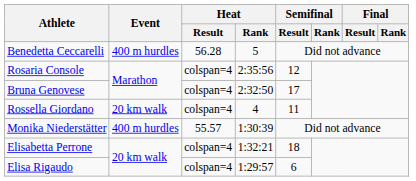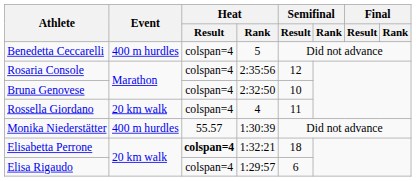 <table class=wikitable style="font-size:90%">
 <tr>
 <th rowspan="2">Athlete</th>
 <th rowspan="2">Event</th>
 <th colspan="2">Heat</th>
 <th colspan="2">Semifinal</th>
 <th colspan="2">Final</th>
 </tr>
 <tr style="font-size:95%">
 <th>Result</th>
 <th>Rank</th>
 <th>Result</th>
 <th>Rank</th>
 <th>Result</th>
 <th>Rank</th>
 </tr>
 <tr align=center>
 <td align=left><a href='#'>Benedetta Ceccarelli</a></td>
 <td align=left><a href='#'>400 m hurdles</a></td>
-<td>56.28</td>
+<td>colspan=4 </td>
 <td>5</td>
 <td colspan=4>Did not advance</td>
 </tr>
 <tr align=center>
 <td align=left><a href='#'>Rosaria Console</a></td>
 <td align=left rowspan=2><a href='#'>Marathon</a></td>
 <td>colspan=4 </td>
 <td>2:35:56</td>
 <td>12</td>
 </tr>
 <tr align=center>
 <td align=left><a href='#'>Bruna Genovese</a></td>
 <td>colspan=4 </td>
 <td>2:32:50</td>
-<td>17</td>
+<td>10</td>
 </tr>
 <tr align=center>
 <td align=left><a href='#'>Rossella Giordano</a></td>
 <td align=left><a href='#'>20 km walk</a></td>
 <td>colspan=4 </td>
 <td>4</td>
 <td>11</td>
 </tr>
 <tr align=center>
 <td align=left><a href='#'>Monika Niederstätter</a></td>
 <td align=left><a href='#'>400 m hurdles</a></td>
 <td>55.57</td>
 <td>1:30:39</td>
 <td colspan=4>Did not advance</td>
 </tr>
 <tr align=center>
 <td align=left><a href='#'>Elisabetta Perrone</a></td>
 <td align=left rowspan=2><a href='#'>20 km walk</a></td>
-<td>colspan=4 </td>
+<td><strong>colspan=4 </strong></td>
 <td>1:32:21</td>
 <td>18</td>
 </tr>
 <tr align=center>
 <td align=left><a href='#'>Elisa Rigaudo</a></td>
 <td>colspan=4 </td>
 <td>1:29:57</td>
 <td>6</td>
 </tr>
 </table>
